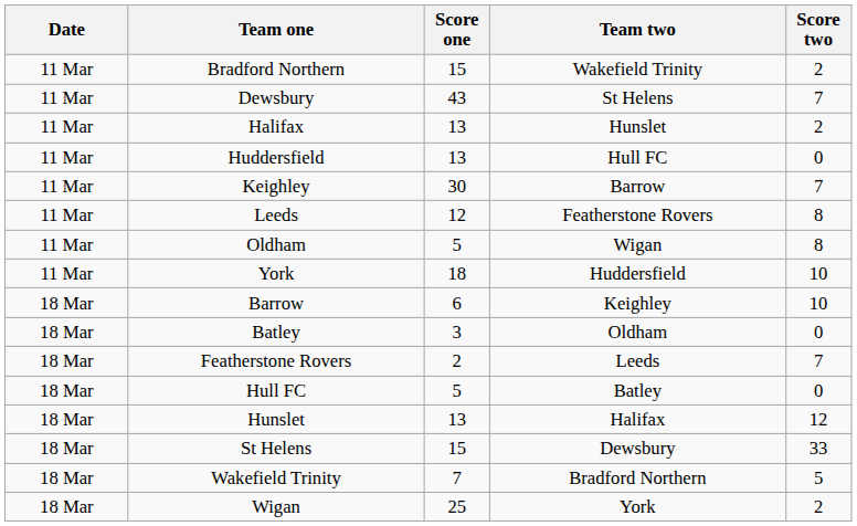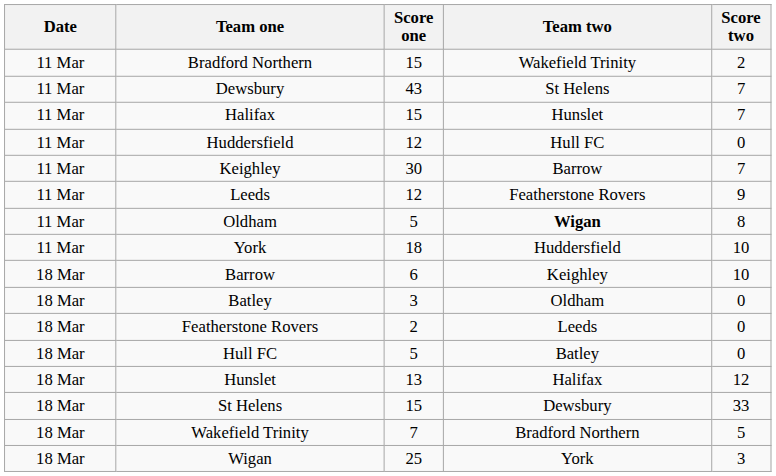 <table class="wikitable" style="text-align: center">
 <tr>
 <th width=100>Date</th>
 <th width=250>Team one</th>
 <th width=50>Score one</th>
 <th width=250>Team two</th>
 <th width=50>Score two</th>
 </tr>
 <tr>
 <td>11 Mar</td>
 <td>Bradford Northern</td>
 <td>15</td>
 <td>Wakefield Trinity</td>
 <td>2</td>
 </tr>
 <tr>
 <td>11 Mar</td>
 <td>Dewsbury</td>
 <td>43</td>
 <td>St Helens</td>
 <td>7</td>
 </tr>
 <tr>
 <td>11 Mar</td>
 <td>Halifax</td>
-<td>13</td>
+<td>15</td>
 <td>Hunslet</td>
-<td>2</td>
+<td>7</td>
 </tr>
 <tr>
 <td>11 Mar</td>
 <td>Huddersfield</td>
-<td>13</td>
+<td>12</td>
 <td>Hull FC</td>
 <td>0</td>
 </tr>
 <tr>
 <td>11 Mar</td>
 <td>Keighley</td>
 <td>30</td>
 <td>Barrow</td>
 <td>7</td>
 </tr>
 <tr>
 <td>11 Mar</td>
 <td>Leeds</td>
 <td>12</td>
 <td>Featherstone Rovers</td>
-<td>8</td>
+<td>9</td>
 </tr>
 <tr>
 <td>11 Mar</td>
 <td>Oldham</td>
 <td>5</td>
-<td>Wigan</td>
+<td><strong>Wigan</strong></td>
 <td>8</td>
 </tr>
 <tr>
 <td>11 Mar</td>
 <td>York</td>
 <td>18</td>
 <td>Huddersfield</td>
 <td>10</td>
 </tr>
 <tr>
 <td>18 Mar</td>
 <td>Barrow</td>
 <td>6</td>
 <td>Keighley</td>
 <td>10</td>
 </tr>
 <tr>
 <td>18 Mar</td>
 <td>Batley</td>
 <td>3</td>
 <td>Oldham</td>
 <td>0</td>
 </tr>
 <tr>
 <td>18 Mar</td>
 <td>Featherstone Rovers</td>
 <td>2</td>
 <td>Leeds</td>
-<td>7</td>
+<td>0</td>
 </tr>
 <tr>
 <td>18 Mar</td>
 <td>Hull FC</td>
 <td>5</td>
 <td>Batley</td>
 <td>0</td>
 </tr>
 <tr>
 <td>18 Mar</td>
 <td>Hunslet</td>
 <td>13</td>
 <td>Halifax</td>
 <td>12</td>
 </tr>
 <tr>
 <td>18 Mar</td>
 <td>St Helens</td>
 <td>15</td>
 <td>Dewsbury</td>
 <td>33</td>
 </tr>
 <tr>
 <td>18 Mar</td>
 <td>Wakefield Trinity</td>
 <td>7</td>
 <td>Bradford Northern</td>
 <td>5</td>
 </tr>
 <tr>
 <td>18 Mar</td>
 <td>Wigan</td>
 <td>25</td>
 <td>York</td>
-<td>2</td>
+<td>3</td>
 </tr>
 </table>
